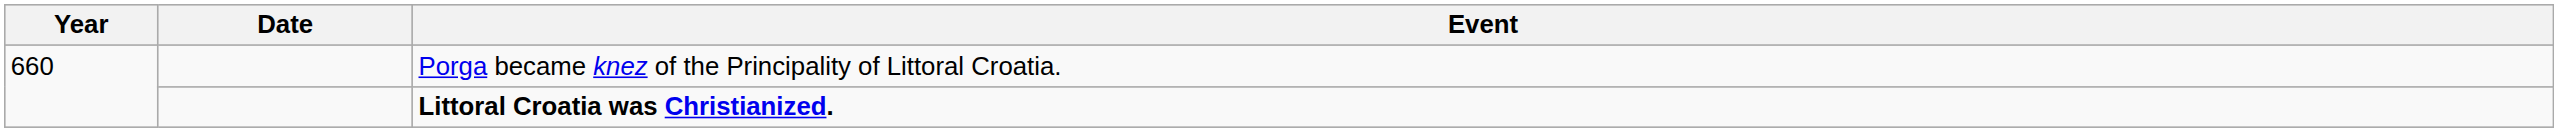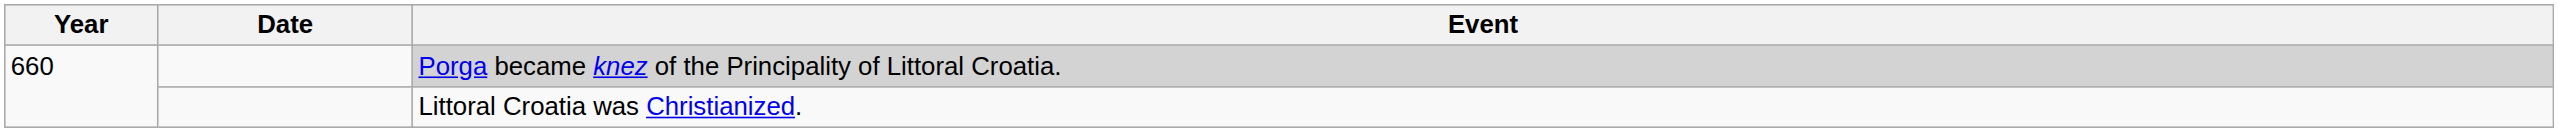 <table class="wikitable" width="100%">
 <tr>
 <th style="width:6%">Year</th>
 <th style="width:10%">Date</th>
 <th>Event</th>
 </tr>
 <tr>
 <td rowspan="2" valign="top">660</td>
 <td></td>
-<td><a href='#'>Porga</a> became <em><a href='#'>knez</a></em> of the Principality of Littoral Croatia.</td>
+<td style="background: lightgrey;"><a href='#'>Porga</a> became <em><a href='#'>knez</a></em> of the Principality of Littoral Croatia.</td>
 </tr>
 <tr>
 <td></td>
-<td><strong>Littoral Croatia was <a href='#'>Christianized</a>.</strong></td>
+<td>Littoral Croatia was <a href='#'>Christianized</a>.</td>
 </tr>
 </table>
